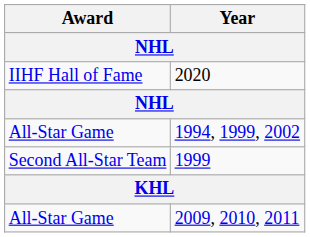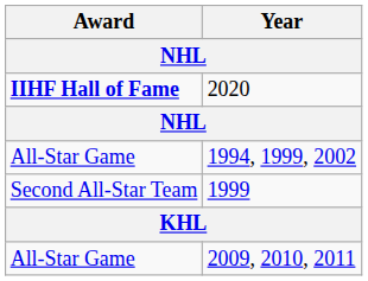 <table class="wikitable">
 <tr>
 <th>Award</th>
 <th>Year</th>
 </tr>
 <tr ALIGN="center" bgcolor="#e0e0e0">
 <th colspan="3"><a href='#'>NHL</a></th>
 </tr>
 <tr>
-<td><a href='#'>IIHF Hall of Fame</a></td>
+<td><strong><a href='#'>IIHF Hall of Fame</a></strong></td>
 <td>2020</td>
 </tr>
 <tr ALIGN="center" bgcolor="#e0e0e0">
 <th colspan="3"><a href='#'>NHL</a></th>
 </tr>
 <tr>
 <td><a href='#'>All-Star Game</a></td>
 <td><a href='#'>1994</a>, <a href='#'>1999</a>, <a href='#'>2002</a></td>
 </tr>
 <tr>
 <td><a href='#'>Second All-Star Team</a></td>
 <td><a href='#'>1999</a></td>
 </tr>
 <tr ALIGN="center" bgcolor="#e0e0e0">
 <th colspan="3"><a href='#'>KHL</a></th>
 </tr>
 <tr>
 <td><a href='#'>All-Star Game</a></td>
 <td><a href='#'>2009</a>, <a href='#'>2010</a>, <a href='#'>2011</a></td>
 </tr>
 </table>
